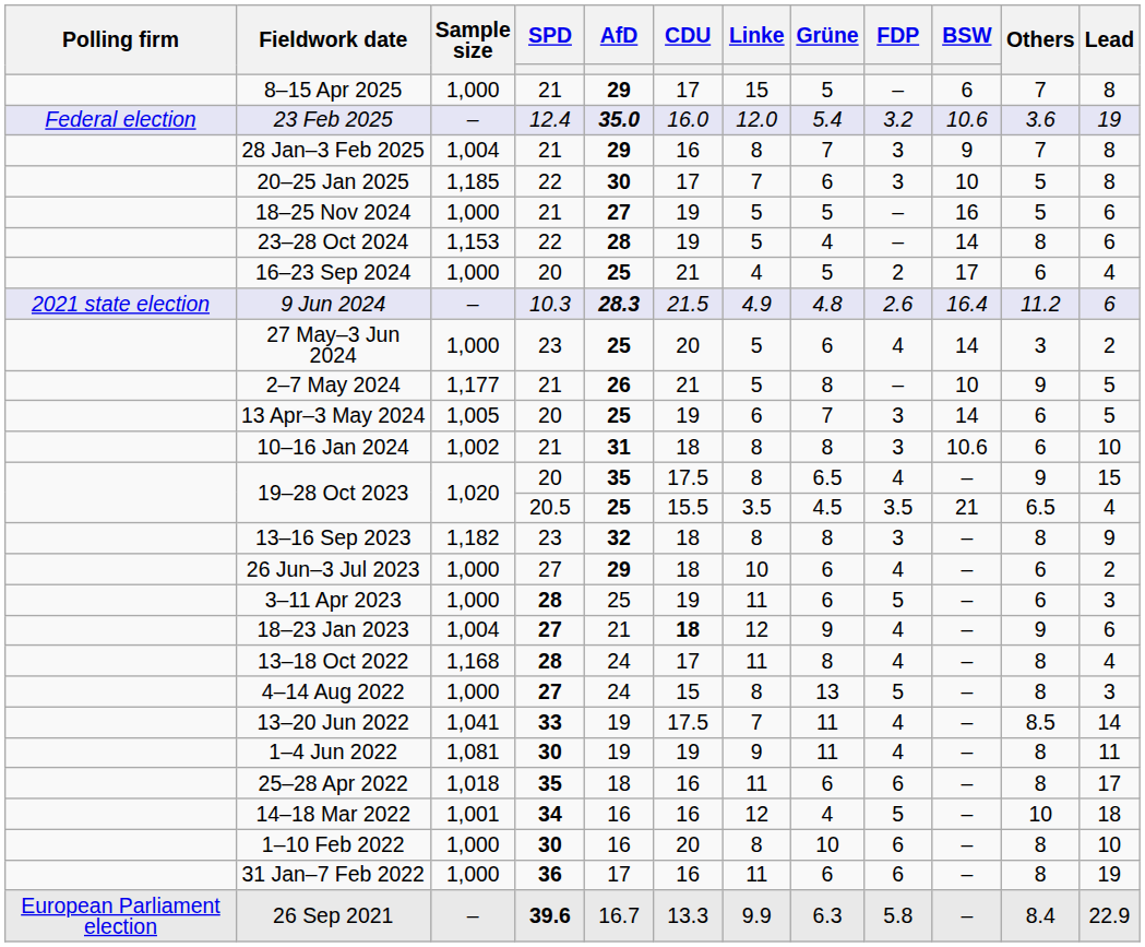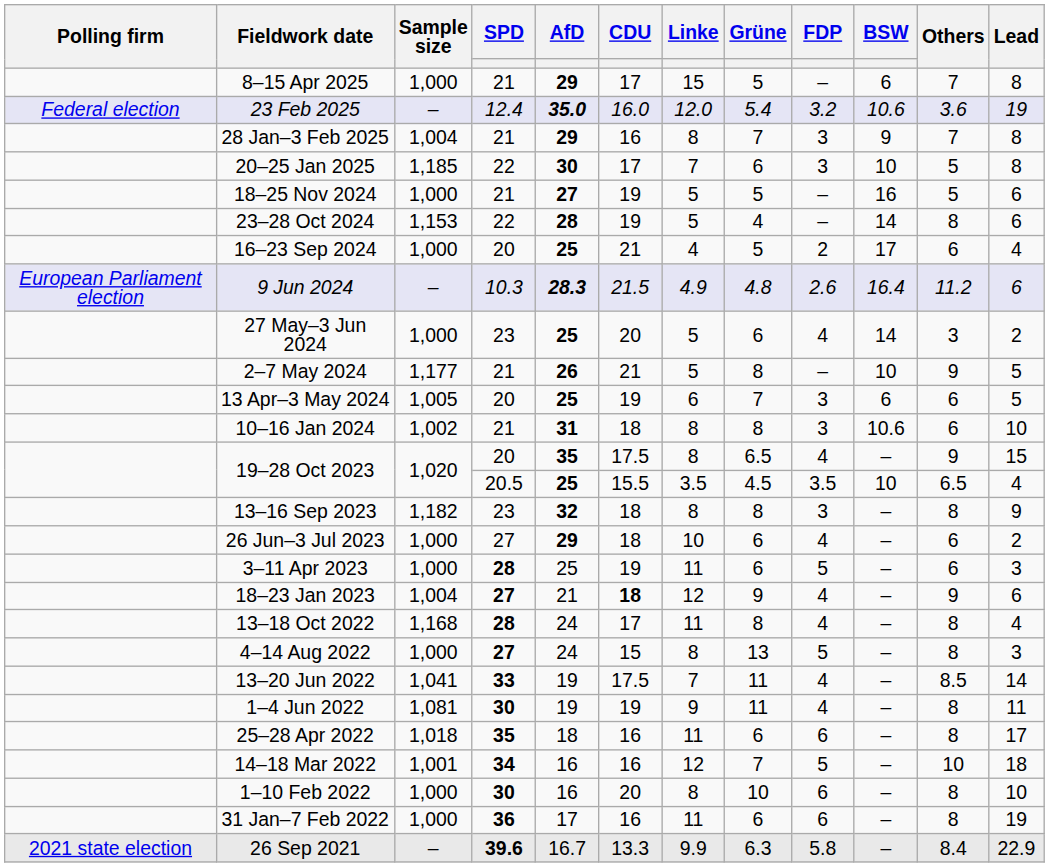 <table class="wikitable sortable" style="text-align:center;font-size:90%;line-height:14px;">
 <tr style="height:40px;">
 <th style="width:150px;" rowspan="2">Polling firm</th>
 <th style="width:125px;" rowspan="2">Fieldwork date</th>
 <th style="width:35px;" rowspan="2">Sample<br>size</th>
 <th class="unsortable" style="width:40px;"><a href='#'>SPD</a></th>
 <th class="unsortable" style="width:40px;"><a href='#'>AfD</a></th>
 <th class="unsortable" style="width:40px;"><a href='#'>CDU</a></th>
 <th class="unsortable" style="width:40px;"><a href='#'>Linke</a></th>
 <th class="unsortable" style="width:40px;"><a href='#'>Grüne</a></th>
 <th class="unsortable" style="width:40px;"><a href='#'>FDP</a></th>
 <th class="unsortable" style="width:40px;"><a href='#'>BSW</a></th>
 <th class="unsortable" style="width:40px;" rowspan="2">Others</th>
 <th style="width:30px;" rowspan="2">Lead</th>
 </tr>
 <tr>
 <th style="background:"></th>
 <th style="background:"></th>
 <th style="background:"></th>
 <th style="background:"></th>
 <th style="background:"></th>
 <th style="background:"></th>
 <th style="background:"></th>
 </tr>
 <tr>
 <td></td>
 <td>8–15 Apr 2025</td>
 <td>1,000</td>
 <td>21</td>
 <td><strong>29</strong></td>
 <td>17</td>
 <td>15</td>
 <td>5</td>
 <td>–</td>
 <td>6</td>
 <td>7</td>
 <td style="background:">8</td>
 </tr>
 <tr style="background:#E5E5F5;font-style:italic;">
 <td><a href='#'>Federal election</a></td>
 <td data-sort-value="2024-06-09">23 Feb 2025</td>
 <td>–</td>
 <td>12.4</td>
 <td><strong>35.0</strong></td>
 <td>16.0</td>
 <td>12.0</td>
 <td>5.4</td>
 <td>3.2</td>
 <td>10.6</td>
 <td>3.6</td>
 <td style="background:">19</td>
 </tr>
 <tr>
 <td></td>
 <td>28 Jan–3 Feb 2025</td>
 <td>1,004</td>
 <td>21</td>
 <td><strong>29</strong></td>
 <td>16</td>
 <td>8</td>
 <td>7</td>
 <td>3</td>
 <td>9</td>
 <td>7</td>
 <td style="background:">8</td>
 </tr>
 <tr>
 <td></td>
 <td>20–25 Jan 2025</td>
 <td>1,185</td>
 <td>22</td>
 <td><strong>30</strong></td>
 <td>17</td>
 <td>7</td>
 <td>6</td>
 <td>3</td>
 <td>10</td>
 <td>5</td>
 <td style="background:">8</td>
 </tr>
 <tr>
 <td></td>
 <td>18–25 Nov 2024</td>
 <td>1,000</td>
 <td>21</td>
 <td><strong>27</strong></td>
 <td>19</td>
 <td>5</td>
 <td>5</td>
 <td>–</td>
 <td>16</td>
 <td>5</td>
 <td style="background:">6</td>
 </tr>
 <tr>
 <td></td>
 <td>23–28 Oct 2024</td>
 <td>1,153</td>
 <td>22</td>
 <td><strong>28</strong></td>
 <td>19</td>
 <td>5</td>
 <td>4</td>
 <td>–</td>
 <td>14</td>
 <td>8</td>
 <td style="background:">6</td>
 </tr>
 <tr>
 <td></td>
 <td>16–23 Sep 2024</td>
 <td>1,000</td>
 <td>20</td>
 <td><strong>25</strong></td>
 <td>21</td>
 <td>4</td>
 <td>5</td>
 <td>2</td>
 <td>17</td>
 <td>6</td>
 <td style="background:">4</td>
 </tr>
 <tr style="background:#E5E5F5;font-style:italic;">
-<td><a href='#'>2021 state election</a></td>
+<td><a href='#'>European Parliament election</a></td>
 <td data-sort-value="2024-06-09">9 Jun 2024</td>
 <td>–</td>
 <td>10.3</td>
 <td><strong>28.3</strong></td>
 <td>21.5</td>
 <td>4.9</td>
 <td>4.8</td>
 <td>2.6</td>
 <td>16.4</td>
 <td>11.2</td>
 <td style="background:">6</td>
 </tr>
 <tr>
 <td></td>
 <td>27 May–3 Jun 2024</td>
 <td>1,000</td>
 <td>23</td>
 <td><strong>25</strong></td>
 <td>20</td>
 <td>5</td>
 <td>6</td>
 <td>4</td>
 <td>14</td>
 <td>3</td>
 <td style="background:">2</td>
 </tr>
 <tr>
 <td></td>
 <td>2–7 May 2024</td>
 <td>1,177</td>
 <td>21</td>
 <td><strong>26</strong></td>
 <td>21</td>
 <td>5</td>
 <td>8</td>
 <td>–</td>
 <td>10</td>
 <td>9</td>
 <td style="background:">5</td>
 </tr>
 <tr>
 <td></td>
 <td data-sort-value="2024-05-03">13 Apr–3 May 2024</td>
 <td>1,005</td>
 <td>20</td>
 <td><strong>25</strong></td>
 <td>19</td>
 <td>6</td>
 <td>7</td>
 <td>3</td>
-<td>14</td>
+<td>6</td>
 <td>6</td>
 <td style="background:">5</td>
 </tr>
 <tr>
 <td></td>
 <td data-sort-value="2024-10-16">10–16 Jan 2024</td>
 <td>1,002</td>
 <td>21</td>
 <td><strong>31</strong></td>
 <td>18</td>
 <td>8</td>
 <td>8</td>
 <td>3</td>
 <td>10.6</td>
 <td>6</td>
 <td style="background:">10</td>
 </tr>
 <tr>
 <td rowspan="2"></td>
 <td rowspan="2" data-sort-value="2023-10-27">19–28 Oct 2023</td>
 <td rowspan="2">1,020</td>
 <td>20</td>
 <td><strong>35</strong></td>
 <td>17.5</td>
 <td>8</td>
 <td>6.5</td>
 <td>4</td>
 <td>–</td>
 <td>9</td>
 <td style="background:">15</td>
 </tr>
 <tr>
 <td>20.5</td>
 <td><strong>25</strong></td>
 <td>15.5</td>
 <td>3.5</td>
 <td>4.5</td>
 <td>3.5</td>
-<td>21</td>
+<td>10</td>
 <td>6.5</td>
 <td style="background:">4</td>
 </tr>
 <tr>
 <td></td>
 <td>13–16 Sep 2023</td>
 <td>1,182</td>
 <td>23</td>
 <td><strong>32</strong></td>
 <td>18</td>
 <td>8</td>
 <td>8</td>
 <td>3</td>
 <td>–</td>
 <td>8</td>
 <td style="background:">9</td>
 </tr>
 <tr>
 <td></td>
 <td data-sort-value="2023-07-03">26 Jun–3 Jul 2023</td>
 <td>1,000</td>
 <td>27</td>
 <td><strong>29</strong></td>
 <td>18</td>
 <td>10</td>
 <td>6</td>
 <td>4</td>
 <td>–</td>
 <td>6</td>
 <td style="background:">2</td>
 </tr>
 <tr>
 <td></td>
 <td data-sort-value="2023-04-11">3–11 Apr 2023</td>
 <td>1,000</td>
 <td><strong>28</strong></td>
 <td>25</td>
 <td>19</td>
 <td>11</td>
 <td>6</td>
 <td>5</td>
 <td>–</td>
 <td>6</td>
 <td style="background:">3</td>
 </tr>
 <tr>
 <td></td>
 <td data-sort-value="2023-01-23">18–23 Jan 2023</td>
 <td>1,004</td>
 <td><strong>27</strong></td>
 <td>21</td>
 <td><strong>18</strong></td>
 <td>12</td>
 <td>9</td>
 <td>4</td>
 <td>–</td>
 <td>9</td>
 <td style="background:">6</td>
 </tr>
 <tr>
 <td></td>
 <td data-sort-value="2022-10-18">13–18 Oct 2022</td>
 <td>1,168</td>
 <td><strong>28</strong></td>
 <td>24</td>
 <td>17</td>
 <td>11</td>
 <td>8</td>
 <td>4</td>
 <td>–</td>
 <td>8</td>
 <td style="background:">4</td>
 </tr>
 <tr>
 <td></td>
 <td data-sort-value="2022-08-14">4–14 Aug 2022</td>
 <td>1,000</td>
 <td><strong>27</strong></td>
 <td>24</td>
 <td>15</td>
 <td>8</td>
 <td>13</td>
 <td>5</td>
 <td>–</td>
 <td>8</td>
 <td style="background:">3</td>
 </tr>
 <tr>
 <td></td>
 <td data-sort-value="2022-06-20">13–20 Jun 2022</td>
 <td>1,041</td>
 <td><strong>33</strong></td>
 <td>19</td>
 <td>17.5</td>
 <td>7</td>
 <td>11</td>
 <td>4</td>
 <td>–</td>
 <td>8.5</td>
 <td style="background:">14</td>
 </tr>
 <tr>
 <td></td>
 <td data-sort-value="2022-06-04">1–4 Jun 2022</td>
 <td>1,081</td>
 <td><strong>30</strong></td>
 <td>19</td>
 <td>19</td>
 <td>9</td>
 <td>11</td>
 <td>4</td>
 <td>–</td>
 <td>8</td>
 <td style="background:">11</td>
 </tr>
 <tr>
 <td></td>
 <td data-sort-value="2022-04-28">25–28 Apr 2022</td>
 <td>1,018</td>
 <td><strong>35</strong></td>
 <td>18</td>
 <td>16</td>
 <td>11</td>
 <td>6</td>
 <td>6</td>
 <td>–</td>
 <td>8</td>
 <td style="background:">17</td>
 </tr>
 <tr>
 <td></td>
 <td data-sort-value="2022-03-18">14–18 Mar 2022</td>
 <td>1,001</td>
 <td><strong>34</strong></td>
 <td>16</td>
 <td>16</td>
 <td>12</td>
-<td>4</td>
+<td>7</td>
 <td>5</td>
 <td>–</td>
 <td>10</td>
 <td style="background:">18</td>
 </tr>
 <tr>
 <td></td>
 <td data-sort-value="2022-02-10">1–10 Feb 2022</td>
 <td>1,000</td>
 <td><strong>30</strong></td>
 <td>16</td>
 <td>20</td>
 <td>8</td>
 <td>10</td>
 <td>6</td>
 <td>–</td>
 <td>8</td>
 <td style="background:">10</td>
 </tr>
 <tr>
 <td></td>
 <td data-sort-value="2022-02-07">31 Jan–7 Feb 2022</td>
 <td>1,000</td>
 <td><strong>36</strong></td>
 <td>17</td>
 <td>16</td>
 <td>11</td>
 <td>6</td>
 <td>6</td>
 <td>–</td>
 <td>8</td>
 <td style="background:">19</td>
 </tr>
 <tr style="background:#E9E9E9;">
-<td><a href='#'>European Parliament election</a></td>
+<td><a href='#'>2021 state election</a></td>
 <td data-sort-value="2021-09-26">26 Sep 2021</td>
 <td>–</td>
 <td><strong>39.6</strong></td>
 <td>16.7</td>
 <td>13.3</td>
 <td>9.9</td>
 <td>6.3</td>
 <td>5.8</td>
 <td>–</td>
 <td>8.4</td>
 <td style="background:">22.9</td>
 </tr>
 </table>
